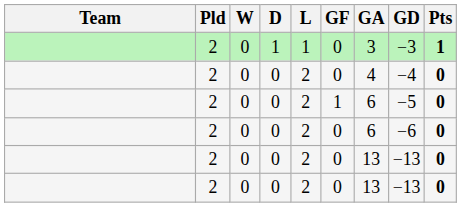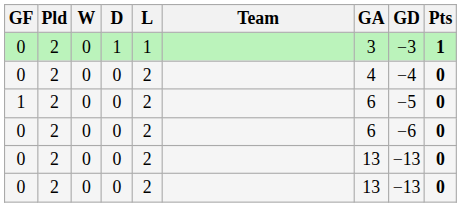 <table class="wikitable" style="text-align: center;">
 <tr>
-<th width=165>Team</th>
+<th width=20>GF</th>
 <th width=20>Pld</th>
 <th width=20>W</th>
 <th width=20>D</th>
 <th width=20>L</th>
-<th width=20>GF</th>
+<th width=165>Team</th>
 <th width=20>GA</th>
 <th width=20>GD</th>
 <th width=20>Pts</th>
 </tr>
 <tr align=center style="background:#BBF3BB;">
-<td style="text-align:left;"></td>
+<td>0</td>
 <td>2</td>
 <td>0</td>
 <td>1</td>
 <td>1</td>
-<td>0</td>
+<td style="text-align:left;"></td>
 <td>3</td>
 <td>−3</td>
 <td><strong>1</strong></td>
 </tr>
 <tr align=center style="background:#f5f5f5;">
-<td style="text-align:left;"></td>
+<td>0</td>
 <td>2</td>
 <td>0</td>
 <td>0</td>
 <td>2</td>
-<td>0</td>
+<td style="text-align:left;"></td>
 <td>4</td>
 <td>−4</td>
 <td><strong>0</strong></td>
 </tr>
 <tr align=center style="background:#f5f5f5;">
-<td style="text-align:left;"></td>
+<td>1</td>
 <td>2</td>
 <td>0</td>
 <td>0</td>
 <td>2</td>
-<td>1</td>
+<td style="text-align:left;"></td>
 <td>6</td>
 <td>−5</td>
 <td><strong>0</strong></td>
 </tr>
 <tr align=center style="background:#f5f5f5;">
-<td style="text-align:left;"></td>
+<td>0</td>
 <td>2</td>
 <td>0</td>
 <td>0</td>
 <td>2</td>
-<td>0</td>
+<td style="text-align:left;"></td>
 <td>6</td>
 <td>−6</td>
 <td><strong>0</strong></td>
 </tr>
 <tr align=center style="background:#f5f5f5;">
-<td style="text-align:left;"></td>
+<td>0</td>
 <td>2</td>
 <td>0</td>
 <td>0</td>
 <td>2</td>
-<td>0</td>
+<td style="text-align:left;"></td>
 <td>13</td>
 <td>−13</td>
 <td><strong>0</strong></td>
 </tr>
 <tr align=center style="background:#f5f5f5;">
-<td style="text-align:left;"></td>
+<td>0</td>
 <td>2</td>
 <td>0</td>
 <td>0</td>
 <td>2</td>
-<td>0</td>
+<td style="text-align:left;"></td>
 <td>13</td>
 <td>−13</td>
 <td><strong>0</strong></td>
 </tr>
 </table>
